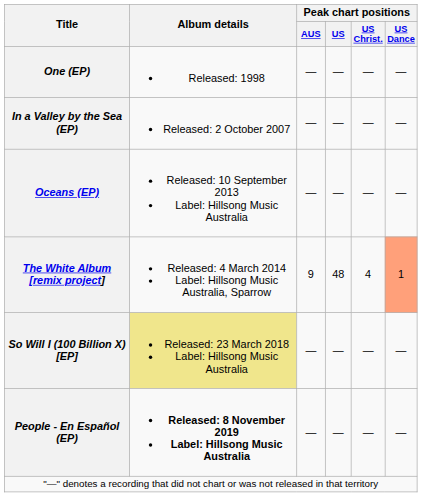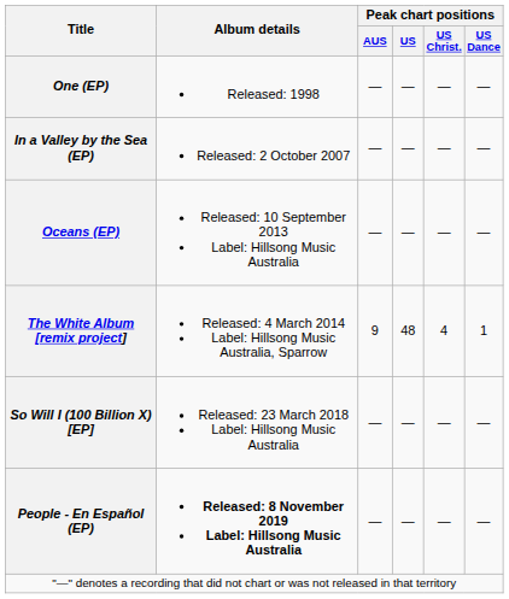 <table class="wikitable plainrowheaders" style="text-align:center;">
 <tr>
 <th scope="col" rowspan="2" style="width:16em;">Title</th>
 <th scope="col" rowspan="2" style="width:20em;">Album details</th>
 <th scope="col" colspan="4">Peak chart positions</th>
 </tr>
 <tr>
 <th scope="col" style="width:3em;font-size:85%;"><a href='#'>AUS</a><br></th>
 <th scope="col" style="width:3em;font-size:85%;"><a href='#'>US</a><br></th>
 <th scope="col" style="width:3em;font-size:85%;"><a href='#'>US<br>Christ.</a><br></th>
 <th scope="col" style="width:3em;font-size:85%;"><a href='#'>US<br>Dance</a><br></th>
 </tr>
 <tr>
 <th scope="row"><em>One (EP)</em></th>
 <td><br><ul><li>Released: 1998</li></ul></td>
 <td>—</td>
 <td>—</td>
 <td>—</td>
 <td>—</td>
 </tr>
 <tr>
 <th scope="row"><em>In a Valley by the Sea (EP)</em></th>
 <td><br><ul><li>Released: 2 October 2007</li></ul></td>
 <td>—</td>
 <td>—</td>
 <td>—</td>
 <td>—</td>
 </tr>
 <tr>
 <th scope="row"><em><a href='#'>Oceans (EP)</a></em></th>
 <td><br><ul><li>Released: 10 September 2013</li><li>Label: Hillsong Music Australia</li></ul></td>
 <td>—</td>
 <td>—</td>
 <td>—</td>
 <td>—</td>
 </tr>
 <tr>
 <th scope="row"><em><a href='#'>The White Album [remix project</a>]</em></th>
 <td><br><ul><li>Released: 4 March 2014</li><li>Label: Hillsong Music Australia, Sparrow</li></ul></td>
 <td>9</td>
 <td>48</td>
 <td>4</td>
-<td style="background: lightsalmon;">1</td>
+<td>1</td>
 </tr>
 <tr>
 <th scope="row"><em>So Will I (100 Billion X) [EP]</em></th>
-<td style="background: khaki;"><br><ul><li>Released: 23 March 2018</li><li>Label: Hillsong Music Australia</li></ul></td>
+<td><br><ul><li>Released: 23 March 2018</li><li>Label: Hillsong Music Australia</li></ul></td>
 <td>—</td>
 <td>—</td>
 <td>—</td>
 <td>—</td>
 </tr>
 <tr>
 <th scope="row"><em>People - En Español (EP)</em></th>
 <td><strong><br><ul><li>Released: 8 November 2019</li><li>Label: Hillsong Music Australia</li></ul></strong></td>
 <td>—</td>
 <td>—</td>
 <td>—</td>
 <td>—</td>
 </tr>
 <tr>
 <td colspan="15" style="font-size:90%">"—" denotes a recording that did not chart or was not released in that territory</td>
 </tr>
 </table>
